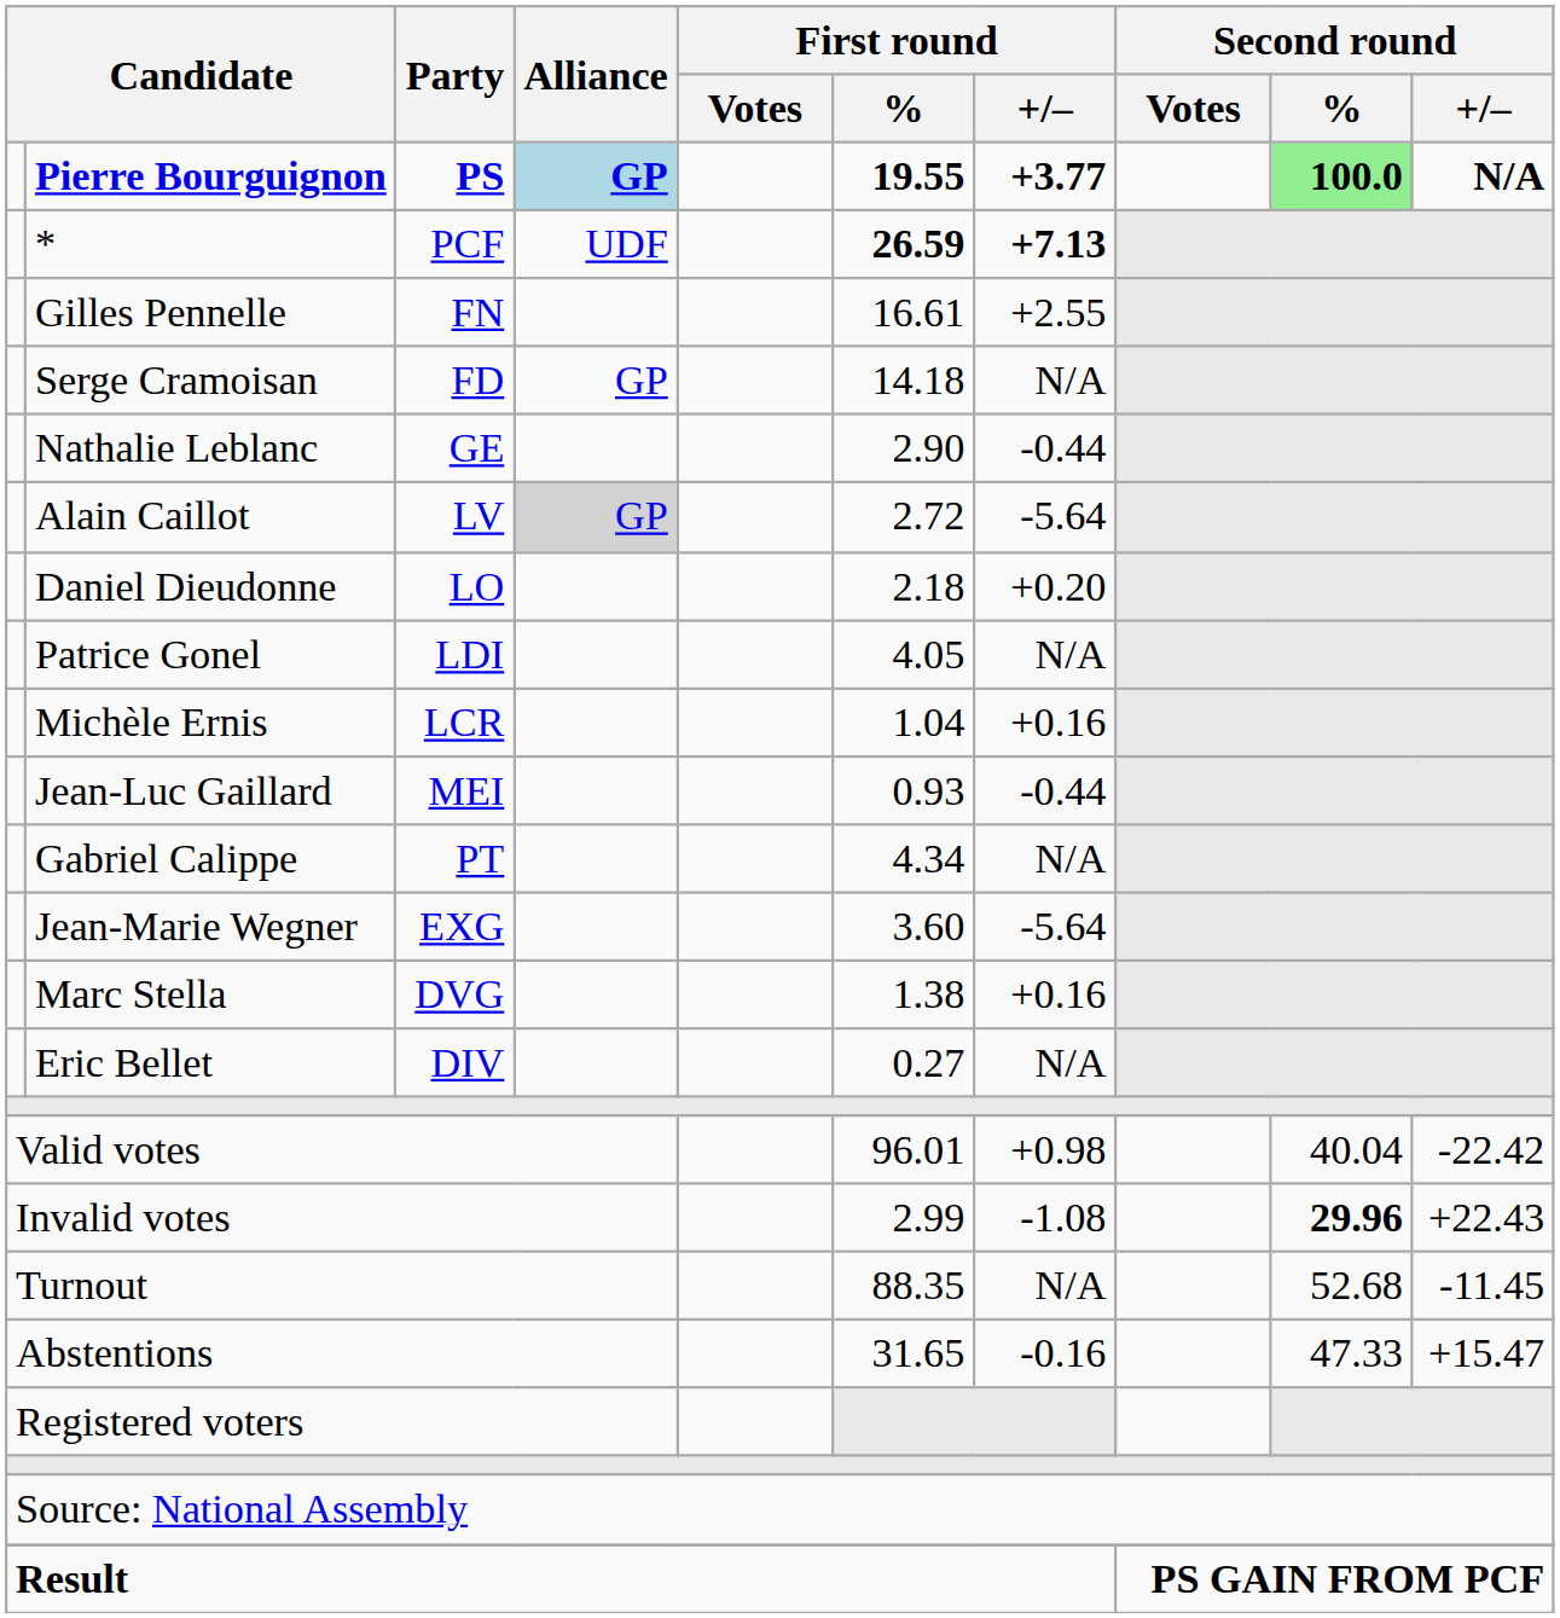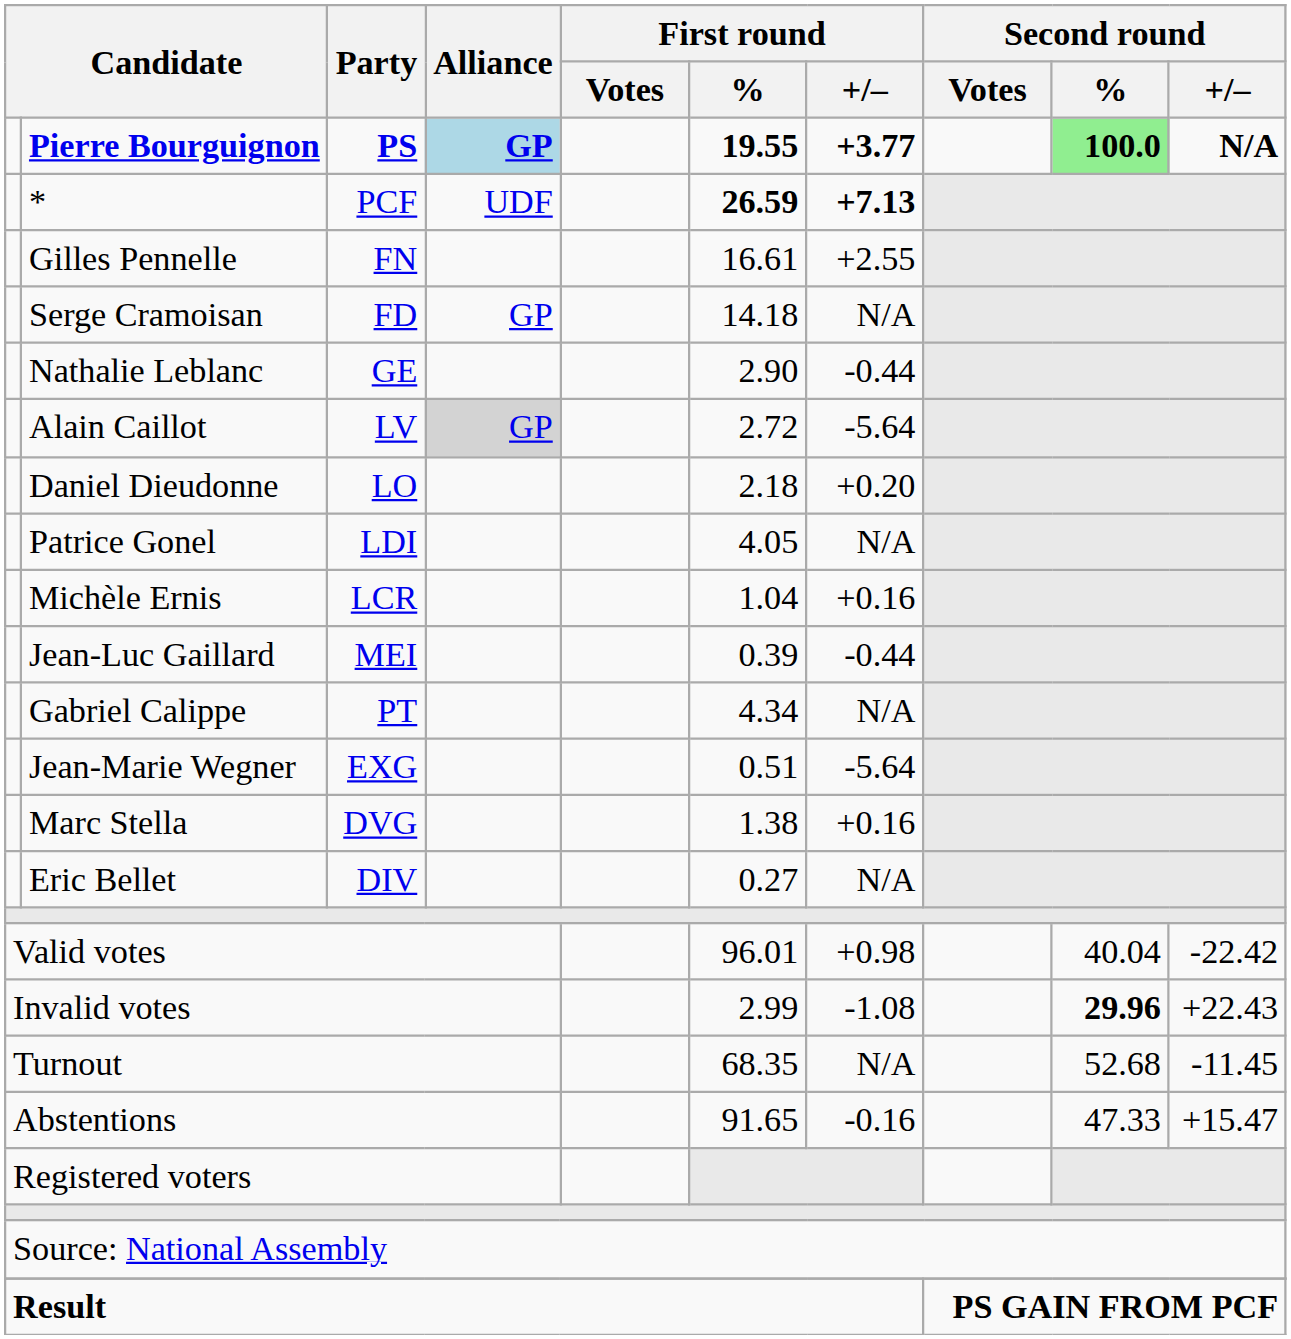 <table class="wikitable" style="text-align:right;font-size:95%;">
 <tr>
 <th rowspan="2" colspan="2">Candidate</th>
 <th rowspan="2">Party</th>
 <th rowspan="2">Alliance</th>
 <th colspan="3">First round</th>
 <th colspan="3">Second round</th>
 </tr>
 <tr>
 <th style="width:50px;">Votes</th>
 <th style="width:45px;">%</th>
 <th style="width:45px;">+/–</th>
 <th style="width:50px;">Votes</th>
 <th style="width:45px;">%</th>
 <th style="width:45px;">+/–</th>
 </tr>
 <tr>
 <td style="color:inherit;background:"></td>
 <td style="text-align:left;"><strong><a href='#'>Pierre Bourguignon</a></strong></td>
 <td><a href='#'><strong>PS</strong></a> </td>
 <td style="background: lightblue;"><a href='#'><strong>GP</strong></a> </td>
 <td></td>
 <td><strong>19.55</strong></td>
 <td><strong>+3.77</strong></td>
 <td><strong></strong></td>
 <td style="background: lightgreen;"><strong>100.0</strong></td>
 <td><strong>N/A</strong></td>
 </tr>
 <tr>
 <td style="color:inherit;background:"></td>
 <td style="text-align:left;">*</td>
 <td><a href='#'>PCF</a></td>
 <td><a href='#'>UDF</a></td>
 <td> </td>
 <td><strong>26.59</strong></td>
 <td><strong>+7.13</strong></td>
 <td colspan="3" style="background:#E9E9E9;"></td>
 </tr>
 <tr>
 <td style="color:inherit;background:"></td>
 <td style="text-align:left;">Gilles Pennelle</td>
 <td><a href='#'>FN</a></td>
 <td></td>
 <td> </td>
 <td>16.61</td>
 <td>+2.55</td>
 <td colspan="3" style="background:#E9E9E9;"></td>
 </tr>
 <tr>
 <td style="color:inherit;background:"></td>
 <td style="text-align:left;">Serge Cramoisan</td>
 <td><a href='#'>FD</a></td>
 <td><a href='#'>GP</a></td>
 <td> </td>
 <td>14.18</td>
 <td>N/A</td>
 <td colspan="3" style="background:#E9E9E9;"></td>
 </tr>
 <tr>
 <td style="color:inherit;background:"></td>
 <td style="text-align:left;">Nathalie Leblanc</td>
 <td><a href='#'>GE</a></td>
 <td></td>
 <td> </td>
 <td>2.90</td>
 <td>-0.44</td>
 <td colspan="3" style="background:#E9E9E9;"></td>
 </tr>
 <tr>
 <td style="color:inherit;background:"></td>
 <td style="text-align:left;">Alain Caillot</td>
 <td><a href='#'>LV</a></td>
 <td style="background: lightgrey;"><a href='#'>GP</a></td>
 <td> </td>
 <td>2.72</td>
 <td>-5.64</td>
 <td colspan="3" style="background:#E9E9E9;"></td>
 </tr>
 <tr>
 <td style="color:inherit;background:"></td>
 <td style="text-align:left;">Daniel Dieudonne</td>
 <td><a href='#'>LO</a></td>
 <td></td>
 <td> </td>
 <td>2.18</td>
 <td>+0.20</td>
 <td colspan="3" style="background:#E9E9E9;"></td>
 </tr>
 <tr>
 <td style="color:inherit;background:"></td>
 <td style="text-align:left;">Patrice Gonel</td>
 <td><a href='#'>LDI</a></td>
 <td></td>
 <td> </td>
 <td>4.05</td>
 <td>N/A</td>
 <td colspan="3" style="background:#E9E9E9;"></td>
 </tr>
 <tr>
 <td style="color:inherit;background:"></td>
 <td style="text-align:left;">Michèle Ernis</td>
 <td><a href='#'>LCR</a></td>
 <td></td>
 <td> </td>
 <td>1.04</td>
 <td>+0.16</td>
 <td colspan="3" style="background:#E9E9E9;"></td>
 </tr>
 <tr>
 <td style="color:inherit;background:"></td>
 <td style="text-align:left;">Jean-Luc Gaillard</td>
 <td><a href='#'>MEI</a></td>
 <td></td>
 <td> </td>
-<td>0.93</td>
+<td>0.39</td>
 <td>-0.44</td>
 <td colspan="3" style="background:#E9E9E9;"></td>
 </tr>
 <tr>
 <td style="color:inherit;background:"></td>
 <td style="text-align:left;">Gabriel Calippe</td>
 <td><a href='#'>PT</a></td>
 <td></td>
 <td> </td>
 <td>4.34</td>
 <td>N/A</td>
 <td colspan="3" style="background:#E9E9E9;"></td>
 </tr>
 <tr>
 <td style="color:inherit;background:"></td>
 <td style="text-align:left;">Jean-Marie Wegner</td>
 <td><a href='#'>EXG</a></td>
 <td></td>
 <td> </td>
-<td>3.60</td>
+<td>0.51</td>
 <td>-5.64</td>
 <td colspan="3" style="background:#E9E9E9;"></td>
 </tr>
 <tr>
 <td style="color:inherit;background:"></td>
 <td style="text-align:left;">Marc Stella</td>
 <td><a href='#'>DVG</a></td>
 <td></td>
 <td> </td>
 <td>1.38</td>
 <td>+0.16</td>
 <td colspan="3" style="background:#E9E9E9;"></td>
 </tr>
 <tr>
 <td style="color:inherit;background:"></td>
 <td style="text-align:left;">Eric Bellet</td>
 <td><a href='#'>DIV</a></td>
 <td></td>
 <td> </td>
 <td>0.27</td>
 <td>N/A</td>
 <td colspan="3" style="background:#E9E9E9;"></td>
 </tr>
 <tr>
 <td colspan="10" style="background:#E9E9E9;"></td>
 </tr>
 <tr>
 <td colspan="4" style="text-align:left;">Valid votes</td>
 <td></td>
 <td>96.01</td>
 <td>+0.98</td>
 <td></td>
 <td>40.04</td>
 <td>-22.42</td>
 </tr>
 <tr>
 <td colspan="4" style="text-align:left;">Invalid votes</td>
 <td></td>
 <td>2.99</td>
 <td>-1.08</td>
 <td></td>
 <td><strong>29.96</strong></td>
 <td>+22.43</td>
 </tr>
 <tr>
 <td colspan="4" style="text-align:left;">Turnout</td>
 <td></td>
-<td>88.35</td>
+<td>68.35</td>
 <td>N/A</td>
 <td></td>
 <td>52.68</td>
 <td>-11.45</td>
 </tr>
 <tr>
 <td colspan="4" style="text-align:left;">Abstentions</td>
 <td></td>
-<td>31.65</td>
+<td>91.65</td>
 <td>-0.16</td>
 <td></td>
 <td>47.33</td>
 <td>+15.47</td>
 </tr>
 <tr>
 <td colspan="4" style="text-align:left;">Registered voters</td>
 <td></td>
 <td colspan="2" style="background:#E9E9E9;"></td>
 <td></td>
 <td colspan="2" style="background:#E9E9E9;"></td>
 </tr>
 <tr>
 <td colspan="10" style="background:#E9E9E9;"></td>
 </tr>
 <tr>
 <td colspan="10" style="text-align:left;">Source: <a href='#'>National Assembly</a></td>
 </tr>
 <tr>
 </tr>
 <tr style="font-weight:bold">
 <td colspan="7" style="text-align:left;">Result</td>
 <td colspan="7" style="background-color:">PS GAIN FROM PCF</td>
 </tr>
 </table>
